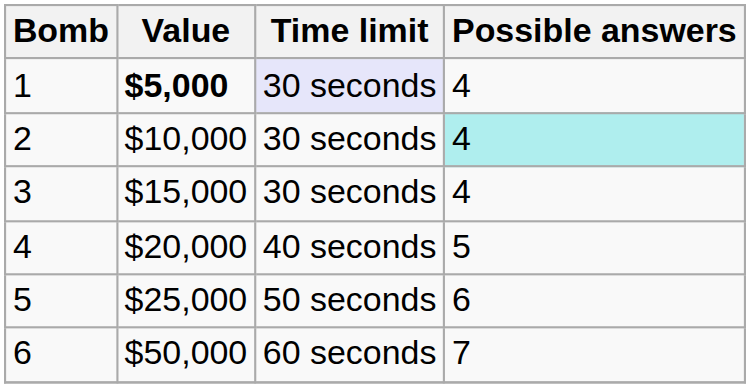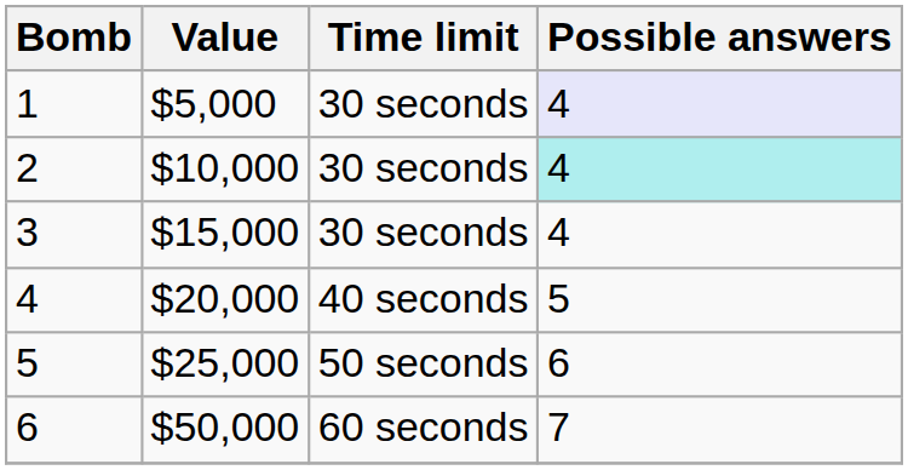 <table class="wikitable">
 <tr>
 <th>Bomb</th>
 <th>Value</th>
 <th>Time limit</th>
 <th>Possible answers</th>
 </tr>
 <tr>
 <td>1</td>
-<td><strong>$5,000</strong></td>
-<td style="background: lavender;">30 seconds</td>
-<td>4</td>
+<td>$5,000</td>
+<td>30 seconds</td>
+<td style="background: lavender;">4</td>
 </tr>
 <tr>
 <td>2</td>
 <td>$10,000</td>
 <td>30 seconds</td>
 <td style="background: paleturquoise;">4</td>
 </tr>
 <tr>
 <td>3</td>
 <td>$15,000</td>
 <td>30 seconds</td>
 <td>4</td>
 </tr>
 <tr>
 <td>4</td>
 <td>$20,000</td>
 <td>40 seconds</td>
 <td>5</td>
 </tr>
 <tr>
 <td>5</td>
 <td>$25,000</td>
 <td>50 seconds</td>
 <td>6</td>
 </tr>
 <tr>
 <td>6</td>
 <td>$50,000</td>
 <td>60 seconds</td>
 <td>7</td>
 </tr>
 <tr>
 </tr>
 </table>
